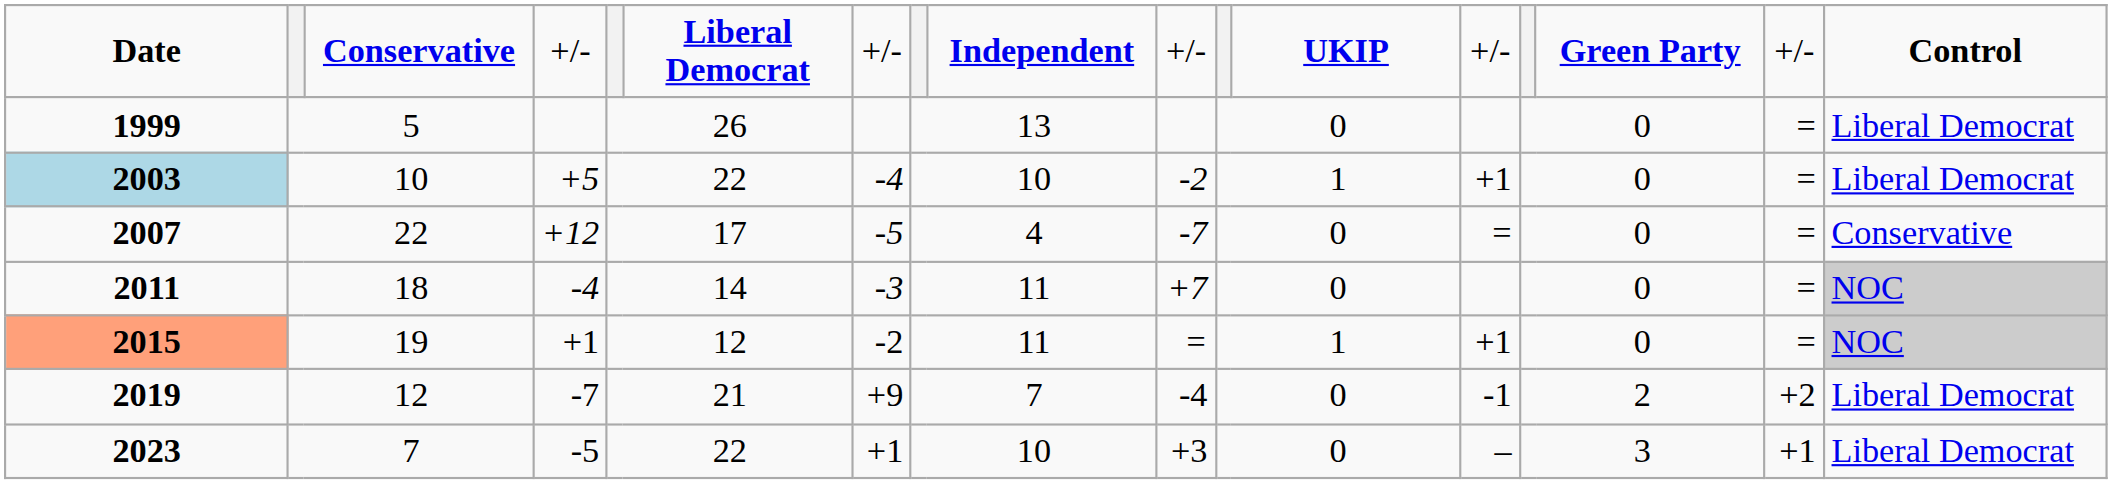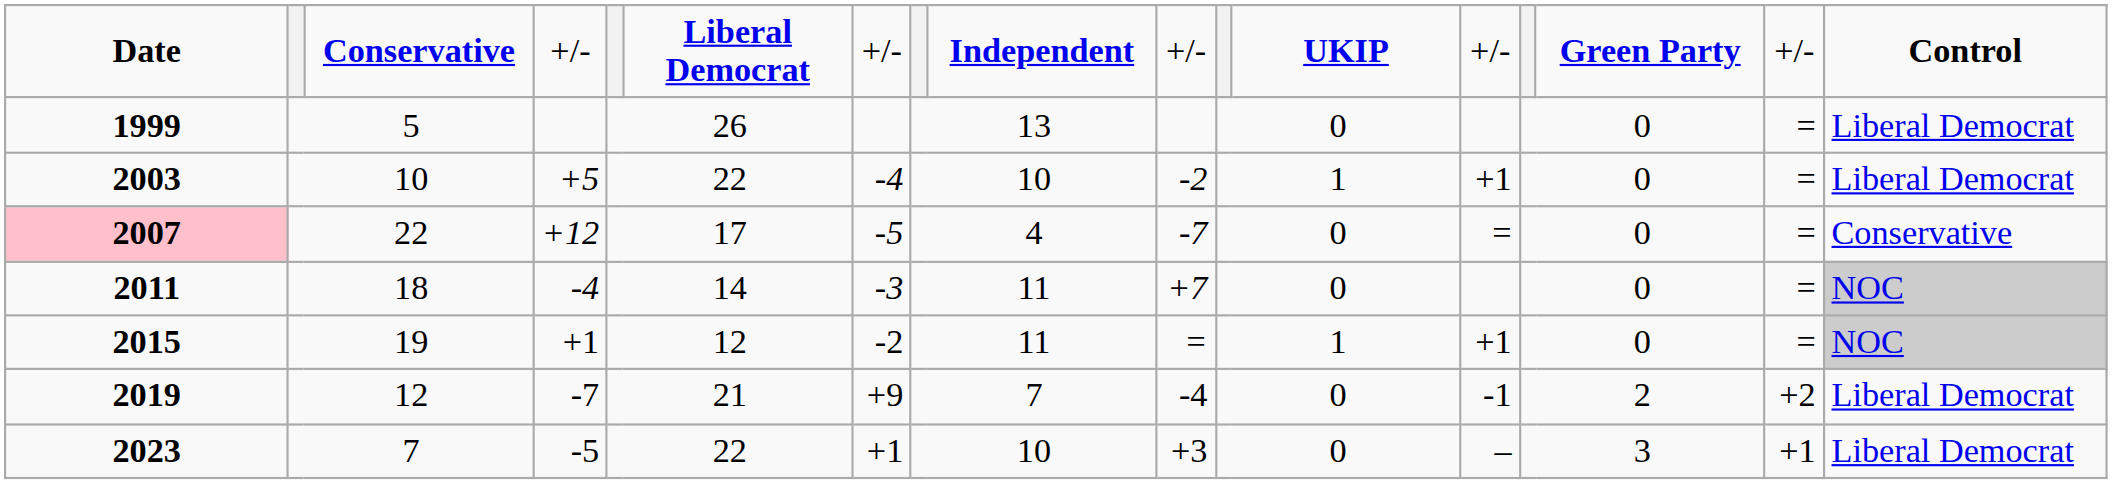 <table class="wikitable" style="text-align:left; padding-left:1em">
 <tr>
 <td width=125 align="center"><strong>Date</strong></td>
 <th style="background-color: "></th>
 <td width=100 align="center"><strong><a href='#'>Conservative</a></strong></td>
 <td width=20 align="center">+/-</td>
 <th style="background-color: "></th>
 <td width=100 align="center"><strong><a href='#'>Liberal Democrat</a></strong></td>
 <td width=20 align="center">+/-</td>
 <th style="background-color: "></th>
 <td width=100 align="center"><strong><a href='#'>Independent</a></strong></td>
 <td width=20 align="center">+/-</td>
 <th style="background-color: "></th>
 <td width=100 align="center"><strong><a href='#'>UKIP</a></strong></td>
 <td width=20 align="center">+/-</td>
 <th style="background-color: "></th>
 <td width=100 align="center"><strong><a href='#'>Green Party</a></strong></td>
 <td width=20 align="center">+/-</td>
 <td width=125 align="center"><strong>Control</strong></td>
 </tr>
 <tr>
 <td align="center"><strong>1999</strong></td>
 <td colspan="2" align="center">5</td>
 <td align="right"></td>
 <td colspan="2" align="center">26</td>
 <td align="right"></td>
 <td colspan="2" align="center">13</td>
 <td align="right"></td>
 <td colspan="2" align="center">0</td>
 <td align="right"></td>
 <td colspan="2" align="center">0</td>
 <td align="right">=</td>
 <td bgcolor=><a href='#'>Liberal Democrat</a></td>
 </tr>
 <tr>
-<td align="center" style="background: lightblue;"><strong>2003</strong></td>
+<td align="center"><strong>2003</strong></td>
 <td colspan="2" align="center">10</td>
 <td align="right"><em>+5</em></td>
 <td colspan="2" align="center">22</td>
 <td align="right"><em>-4</em></td>
 <td colspan="2" align="center">10</td>
 <td align="right"><em>-2</em></td>
 <td colspan="2" align="center">1</td>
 <td align="right">+1</td>
 <td colspan="2" align="center">0</td>
 <td align="right">=</td>
 <td bgcolor=><a href='#'>Liberal Democrat</a></td>
 </tr>
 <tr>
-<td align="center"><strong>2007</strong></td>
+<td align="center" style="background: pink;"><strong>2007</strong></td>
 <td colspan="2" align="center">22</td>
 <td align="right"><em>+12</em></td>
 <td colspan="2" align="center">17</td>
 <td align="right"><em>-5</em></td>
 <td colspan="2" align="center">4</td>
 <td align="right"><em>-7</em></td>
 <td colspan="2" align="center">0</td>
 <td align="right">=</td>
 <td colspan="2" align="center">0</td>
 <td align="right">=</td>
 <td bgcolor=><a href='#'>Conservative</a></td>
 </tr>
 <tr>
 <td align="center"><strong>2011</strong></td>
 <td colspan="2" align="center">18</td>
 <td align="right"><em>-4</em></td>
 <td colspan="2" align="center">14</td>
 <td align="right"><em>-3</em></td>
 <td colspan="2" align="center">11</td>
 <td align="right"><em>+7</em></td>
 <td colspan="2" align="center">0</td>
 <td align="right"></td>
 <td colspan="2" align="center">0</td>
 <td align="right">=</td>
 <td bgcolor="CCCCCC"><a href='#'>NOC</a></td>
 </tr>
 <tr>
-<td align="center" style="background: lightsalmon;"><strong>2015</strong></td>
+<td align="center"><strong>2015</strong></td>
 <td colspan="2" align="center">19</td>
 <td align="right">+1</td>
 <td colspan="2" align="center">12</td>
 <td align="right">-2</td>
 <td colspan="2" align="center">11</td>
 <td align="right"><em>=</em></td>
 <td colspan="2" align="center">1</td>
 <td align="right">+1</td>
 <td colspan="2" align="center">0</td>
 <td align="right">=</td>
 <td bgcolor="CCCCCC"><a href='#'>NOC</a></td>
 </tr>
 <tr>
 <td align="center"><strong>2019</strong></td>
 <td colspan="2" align="center">12</td>
 <td align="right">-7</td>
 <td colspan="2" align="center">21</td>
 <td align="right">+9</td>
 <td colspan="2" align="center">7</td>
 <td align="right">-4</td>
 <td colspan="2" align="center">0</td>
 <td align="right">-1</td>
 <td colspan="2" align="center">2</td>
 <td align="right">+2</td>
 <td bgcolor=><a href='#'>Liberal Democrat</a></td>
 </tr>
 <tr>
 <td align="center"><strong>2023</strong></td>
 <td colspan="2" align="center">7</td>
 <td align="right">-5</td>
 <td colspan="2" align="center">22</td>
 <td align="right">+1</td>
 <td colspan="2" align="center">10</td>
 <td align="right">+3</td>
 <td colspan="2" align="center">0</td>
 <td align="right">–</td>
 <td colspan="2" align="center">3</td>
 <td align="right">+1</td>
 <td bgcolor=><a href='#'>Liberal Democrat</a></td>
 </tr>
 </table>
